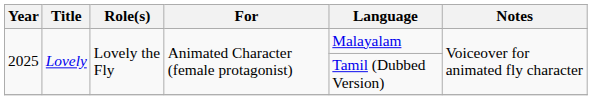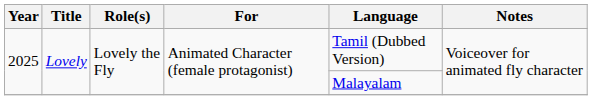 <table class="wikitable sortable">
 <tr>
 <th scope="col">Year</th>
 <th scope="col">Title</th>
 <th scope="col">Role(s)</th>
 <th scope="col">For</th>
 <th scope="col" class=unsortable>Language</th>
 <th scope="col" class=unsortable>Notes</th>
 </tr>
 <tr>
 <td rowspan="2">2025</td>
 <td rowspan="2"><em><a href='#'>Lovely</a></em></td>
 <td rowspan="2">Lovely the Fly</td>
 <td rowspan="2">Animated Character (female protagonist)</td>
-<td><a href='#'>Malayalam</a></td>
+<td><a href='#'>Tamil</a> (Dubbed Version)</td>
 <td rowspan="2">Voiceover for animated fly character</td>
 </tr>
 <tr>
-<td><a href='#'>Tamil</a> (Dubbed Version)</td>
+<td><a href='#'>Malayalam</a></td>
 </tr>
 <tr>
 </tr>
 </table>
